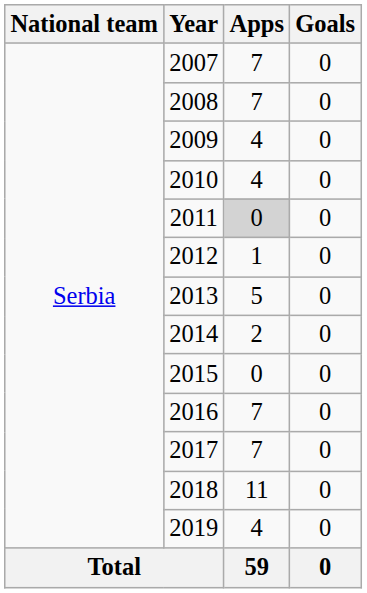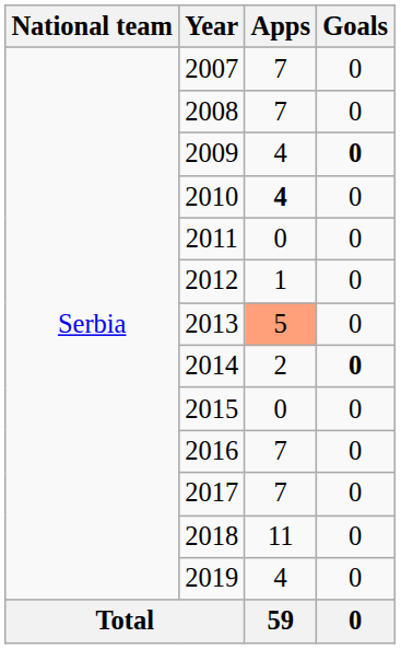 <table class="wikitable" style="text-align:center">
 <tr>
 <th>National team</th>
 <th>Year</th>
 <th>Apps</th>
 <th>Goals</th>
 </tr>
 <tr>
 <td rowspan="13"><a href='#'>Serbia</a></td>
 <td>2007</td>
 <td>7</td>
 <td>0</td>
 </tr>
 <tr>
 <td>2008</td>
 <td>7</td>
 <td>0</td>
 </tr>
 <tr>
 <td>2009</td>
 <td>4</td>
-<td>0</td>
+<td><strong>0</strong></td>
 </tr>
 <tr>
 <td>2010</td>
-<td>4</td>
+<td><strong>4</strong></td>
 <td>0</td>
 </tr>
 <tr>
 <td>2011</td>
-<td style="background: lightgrey;">0</td>
+<td>0</td>
 <td>0</td>
 </tr>
 <tr>
 <td>2012</td>
 <td>1</td>
 <td>0</td>
 </tr>
 <tr>
 <td>2013</td>
-<td>5</td>
+<td style="background: lightsalmon;">5</td>
 <td>0</td>
 </tr>
 <tr>
 <td>2014</td>
 <td>2</td>
-<td>0</td>
+<td><strong>0</strong></td>
 </tr>
 <tr>
 <td>2015</td>
 <td>0</td>
 <td>0</td>
 </tr>
 <tr>
 <td>2016</td>
 <td>7</td>
 <td>0</td>
 </tr>
 <tr>
 <td>2017</td>
 <td>7</td>
 <td>0</td>
 </tr>
 <tr>
 <td>2018</td>
 <td>11</td>
 <td>0</td>
 </tr>
 <tr>
 <td>2019</td>
 <td>4</td>
 <td>0</td>
 </tr>
 <tr>
 <th colspan="2">Total</th>
 <th>59</th>
 <th>0</th>
 </tr>
 </table>
